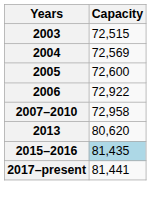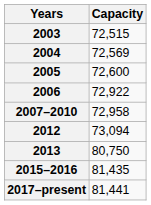 <table class="wikitable">
 <tr>
 <th scope="row">Years</th>
 <th scope="row">Capacity</th>
 </tr>
 <tr>
 <th scope="row">2003</th>
 <td><div>72,515</div></td>
 </tr>
 <tr>
 <th scope="row">2004</th>
 <td><div>72,569</div></td>
 </tr>
 <tr>
 <th scope="row">2005</th>
 <td><div>72,600</div></td>
 </tr>
 <tr>
 <th scope="row">2006</th>
 <td><div>72,922</div></td>
 </tr>
 <tr>
 <th scope="row">2007–2010</th>
 <td><div>72,958</div></td>
 </tr>
 <tr>
+<th scope="row">2012</th>
+<td><div>73,094</div></td>
+</tr>
+<tr>
 <th scope="row">2013</th>
-<td><div>80,620</div></td>
+<td><div>80,750</div></td>
 </tr>
 <tr>
 <th scope="row">2015–2016</th>
-<td style="background: lightblue;"><div>81,435</div></td>
+<td><div>81,435</div></td>
 </tr>
 <tr>
 <th scope="row">2017–present</th>
 <td><div>81,441</div></td>
 </tr>
 </table>
